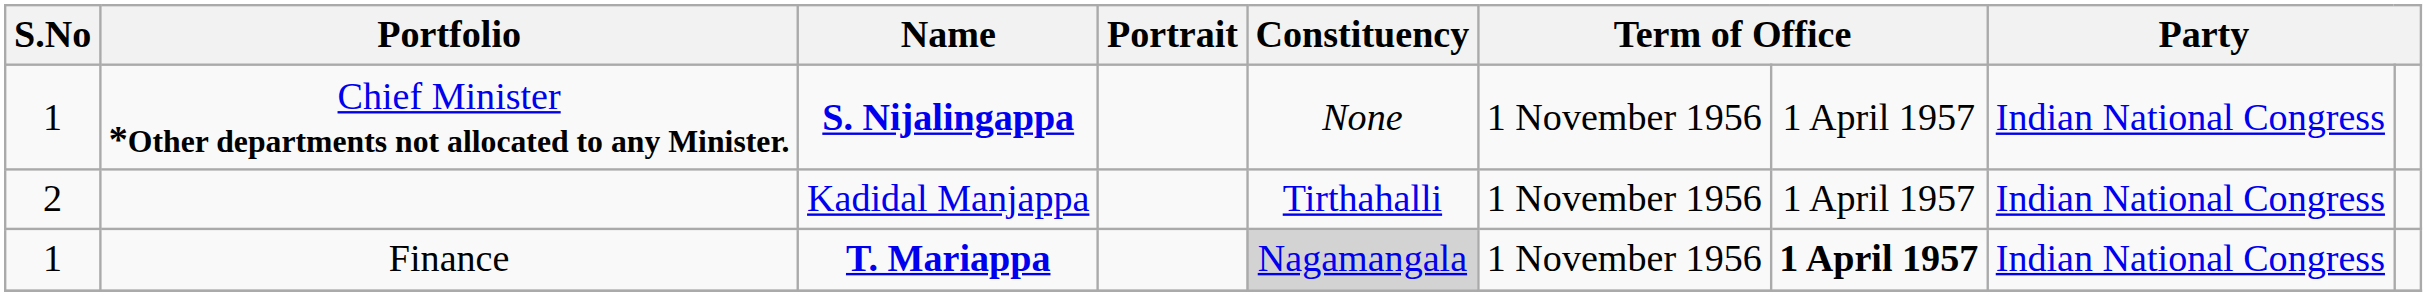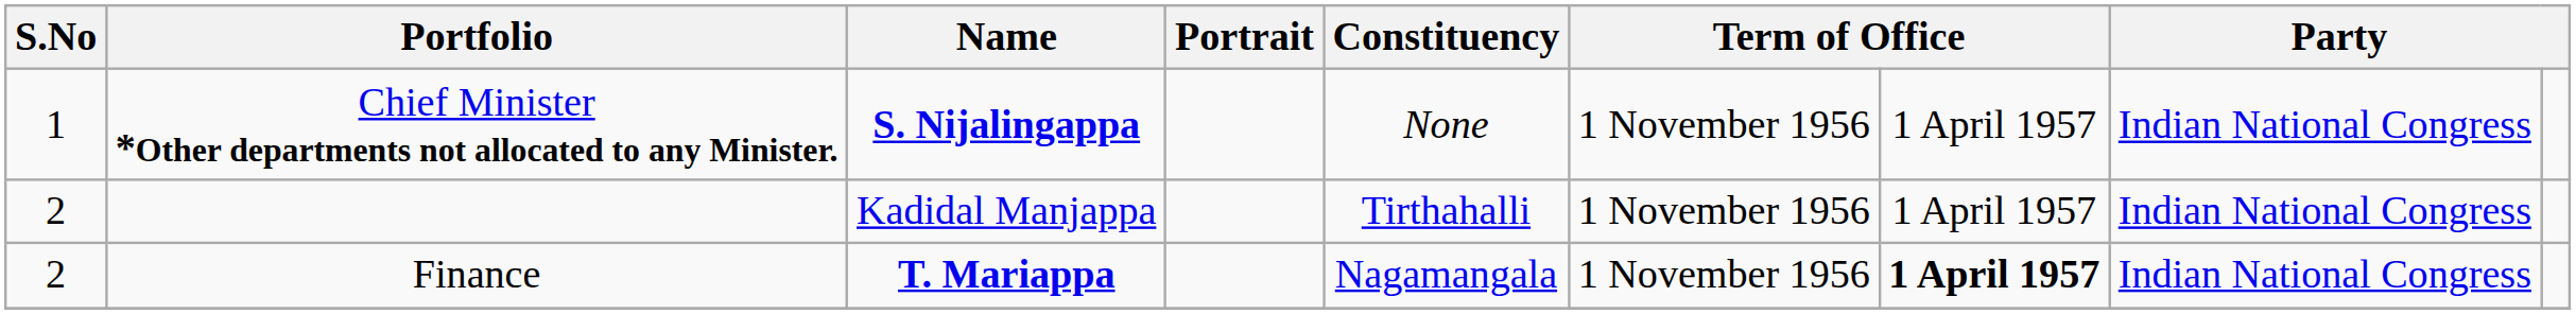 <table class="wikitable sortable" style="text-align:center;">
 <tr>
 <th>S.No</th>
 <th>Portfolio</th>
 <th>Name</th>
 <th>Portrait</th>
 <th>Constituency</th>
 <th colspan="2">Term of Office</th>
 <th colspan="2" scope="col">Party</th>
 </tr>
 <tr>
 <td>1</td>
 <td><a href='#'>Chief Minister</a><br><strong>*<small>Other departments not allocated to any Minister.</small></strong></td>
 <td><strong><a href='#'>S. Nijalingappa</a></strong><br></td>
 <td></td>
 <td><em>None</em></td>
 <td>1 November 1956</td>
 <td>1 April 1957</td>
 <td><a href='#'>Indian National Congress</a></td>
 <td width="4px" style="background-color: "></td>
 </tr>
 <tr>
 <td>2</td>
 <td></td>
 <td><a href='#'>Kadidal Manjappa</a></td>
 <td></td>
 <td><a href='#'>Tirthahalli</a></td>
 <td>1 November 1956</td>
 <td>1 April 1957</td>
 <td><a href='#'>Indian National Congress</a></td>
 <td width="4px" style="background-color: "></td>
 </tr>
 <tr style="text-align:center">
-<td>1</td>
+<td>2</td>
 <td>Finance</td>
 <td><strong><a href='#'>T. Mariappa</a></strong></td>
 <td></td>
-<td style="background: lightgrey;"><a href='#'>Nagamangala</a></td>
+<td><a href='#'>Nagamangala</a></td>
 <td>1 November 1956</td>
 <td><strong>1 April 1957</strong></td>
 <td><a href='#'>Indian National Congress</a></td>
 <td width="4px" style="background-color: "></td>
 </tr>
 <tr style="text-align:center">
 </tr>
 </table>
